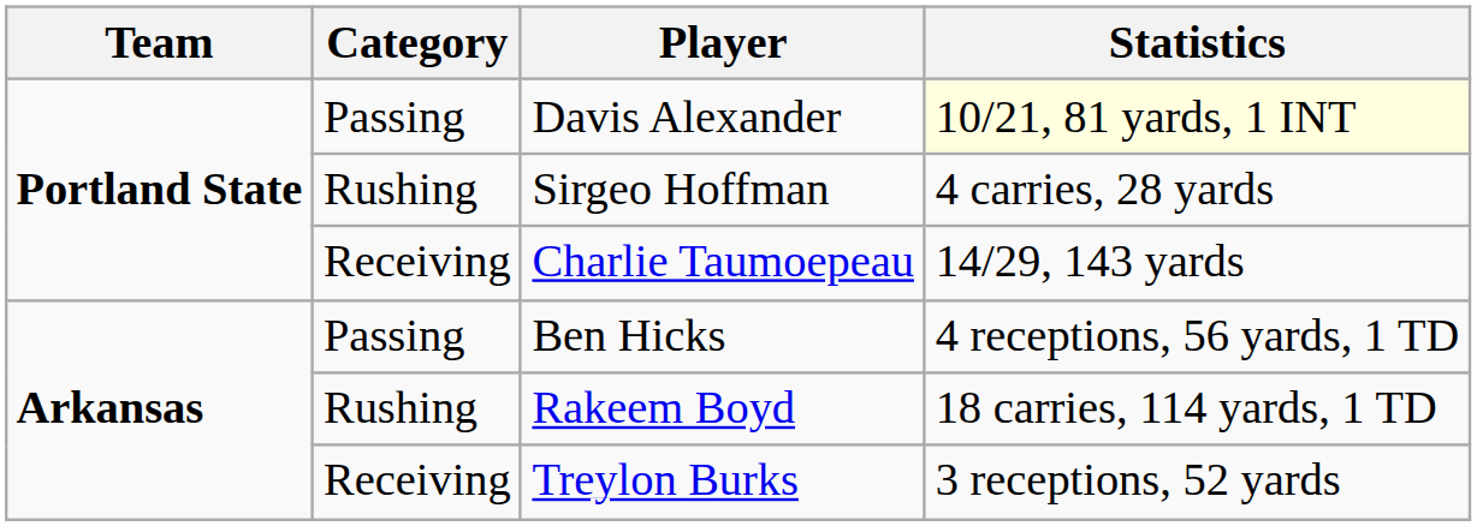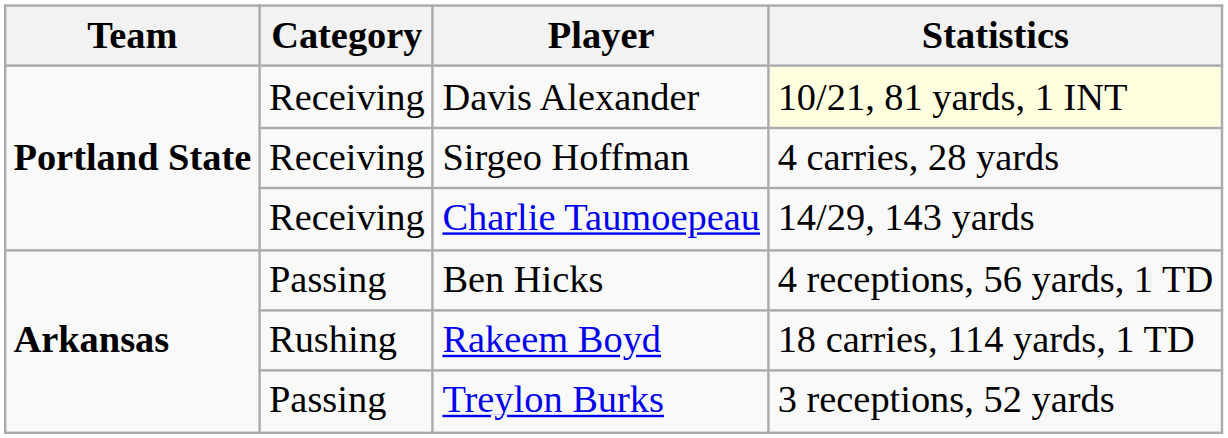 <table class="wikitable" style="float: right;">
 <tr>
 <th>Team</th>
 <th>Category</th>
 <th>Player</th>
 <th>Statistics</th>
 </tr>
 <tr>
 <td rowspan=3><strong>Portland State</strong></td>
-<td>Passing</td>
+<td>Receiving</td>
 <td>Davis Alexander</td>
 <td style="background: lightyellow;">10/21, 81 yards, 1 INT</td>
 </tr>
 <tr>
-<td>Rushing</td>
+<td>Receiving</td>
 <td>Sirgeo Hoffman</td>
 <td>4 carries, 28 yards</td>
 </tr>
 <tr>
 <td>Receiving</td>
 <td><a href='#'>Charlie Taumoepeau</a></td>
 <td>14/29, 143 yards</td>
 </tr>
 <tr>
 <td rowspan=3><strong>Arkansas</strong></td>
 <td>Passing</td>
 <td>Ben Hicks</td>
 <td>4 receptions, 56 yards, 1 TD</td>
 </tr>
 <tr>
 <td>Rushing</td>
 <td><a href='#'>Rakeem Boyd</a></td>
 <td>18 carries, 114 yards, 1 TD</td>
 </tr>
 <tr>
-<td>Receiving</td>
+<td>Passing</td>
 <td><a href='#'>Treylon Burks</a></td>
 <td>3 receptions, 52 yards</td>
 </tr>
 </table>
